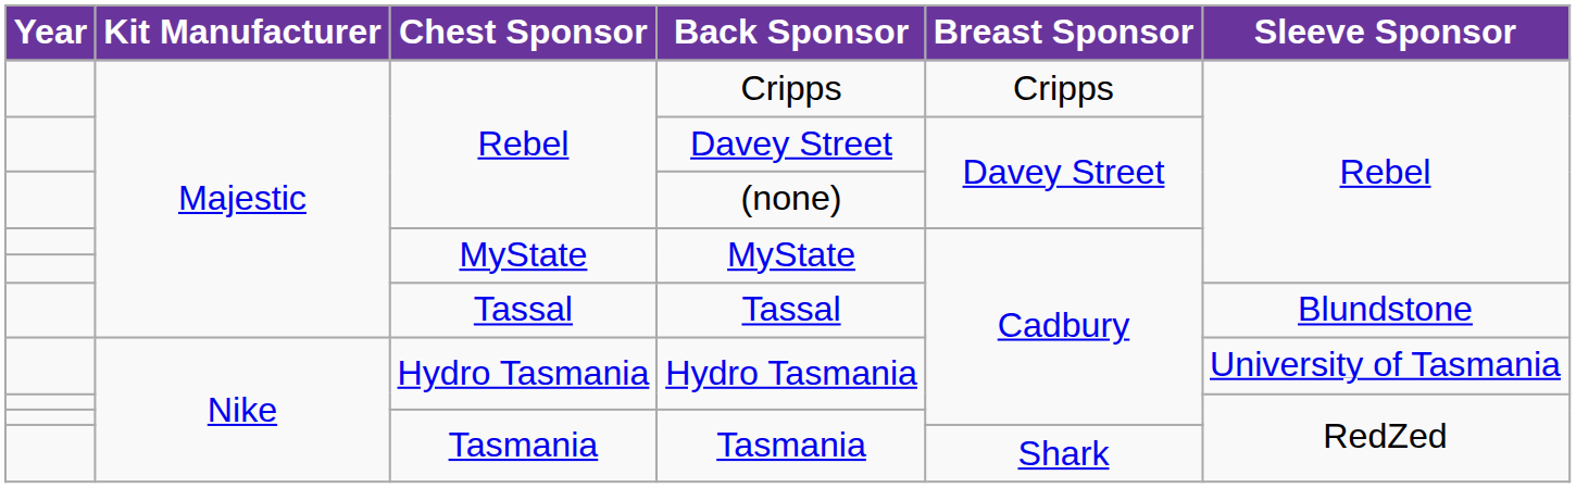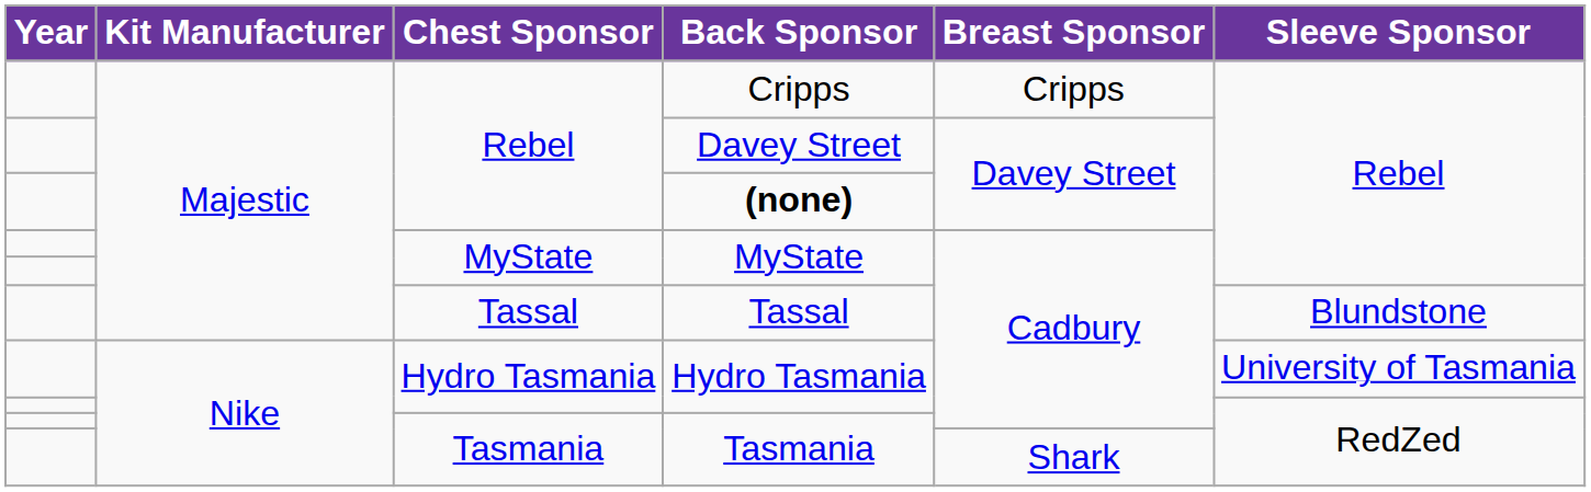 <table class="wikitable">
 <tr>
 <th style="background:#69359C; color:white;">Year</th>
 <th style="background:#69359C; color:white;">Kit Manufacturer</th>
 <th style="background:#69359C; color:white;">Chest Sponsor</th>
 <th style="background:#69359C; color:white;">Back Sponsor</th>
 <th style="background:#69359C; color:white;">Breast Sponsor</th>
 <th style="background:#69359C; color:white;">Sleeve Sponsor</th>
 </tr>
 <tr align=center>
 <td></td>
 <td rowspan="6"><a href='#'>Majestic</a></td>
 <td rowspan="3"><a href='#'>Rebel</a></td>
 <td>Cripps</td>
 <td>Cripps</td>
 <td rowspan="5"><a href='#'>Rebel</a></td>
 </tr>
 <tr align=center>
 <td></td>
 <td><a href='#'>Davey Street</a></td>
 <td rowspan="2"><a href='#'>Davey Street</a></td>
 </tr>
 <tr align=center>
 <td></td>
-<td>(none)</td>
+<td><strong>(none)</strong></td>
 </tr>
 <tr align=center>
 <td></td>
 <td rowspan="2"><a href='#'>MyState</a></td>
 <td rowspan="2"><a href='#'>MyState</a></td>
 <td rowspan="6"><a href='#'>Cadbury</a></td>
 </tr>
 <tr align=center>
 <td></td>
 </tr>
 <tr align=center>
 <td></td>
 <td><a href='#'>Tassal</a></td>
 <td><a href='#'>Tassal</a></td>
 <td><a href='#'>Blundstone</a></td>
 </tr>
 <tr align=center>
 <td></td>
 <td rowspan="4"><a href='#'>Nike</a></td>
 <td rowspan="2"><a href='#'>Hydro Tasmania</a></td>
 <td rowspan="2"><a href='#'>Hydro Tasmania</a></td>
 <td><a href='#'>University of Tasmania</a></td>
 </tr>
 <tr align=center>
 <td></td>
 <td rowspan="3">RedZed</td>
 </tr>
 <tr align=center>
 <td></td>
 <td rowspan="2"><a href='#'>Tasmania</a></td>
 <td rowspan="2"><a href='#'>Tasmania</a></td>
 </tr>
 <tr align=center>
 <td></td>
 <td><a href='#'>Shark</a></td>
 </tr>
 </table>
